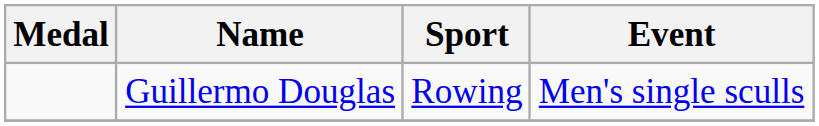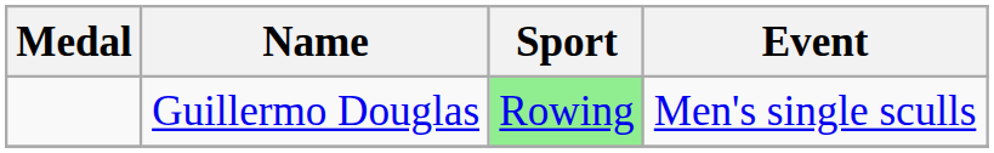 <table class="wikitable sortable" style="font-size: 95%;">
 <tr>
 <th>Medal</th>
 <th>Name</th>
 <th>Sport</th>
 <th>Event</th>
 </tr>
 <tr>
 <td></td>
 <td><a href='#'>Guillermo Douglas</a></td>
-<td><a href='#'>Rowing</a></td>
+<td style="background: lightgreen;"><a href='#'>Rowing</a></td>
 <td><a href='#'>Men's single sculls</a></td>
 </tr>
 <tr>
 </tr>
 </table>
